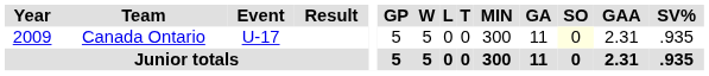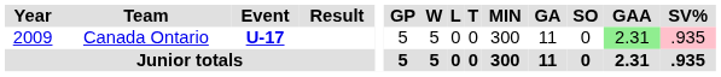 <table border="0" cellpadding="1" cellspacing="0" style="text-align:center; width:40em">
 <tr ALIGN="center" bgcolor="#e0e0e0">
 <th>Year</th>
 <th>Team</th>
 <th>Event</th>
 <th>Result</th>
 <th rowspan="99" bgcolor="#ffffff"> </th>
 <th>GP</th>
 <th>W</th>
 <th>L</th>
 <th>T</th>
 <th>MIN</th>
 <th>GA</th>
 <th>SO</th>
 <th>GAA</th>
 <th>SV%</th>
 </tr>
 <tr style="text-align:center;">
 <td><a href='#'>2009</a></td>
 <td><a href='#'>Canada Ontario</a></td>
-<td><a href='#'>U-17</a></td>
+<td><strong><a href='#'>U-17</a></strong></td>
 <td></td>
 <td>5</td>
 <td>5</td>
 <td>0</td>
 <td>0</td>
 <td>300</td>
 <td>11</td>
-<td style="background: lightyellow;">0</td>
-<td>2.31</td>
-<td>.935</td>
+<td>0</td>
+<td style="background: lightgreen;">2.31</td>
+<td style="background: pink;">.935</td>
 </tr>
 <tr ALIGN="center" bgcolor="#e0e0e0">
 <th colspan=4>Junior totals</th>
 <th>5</th>
 <th>5</th>
 <th>0</th>
 <th>0</th>
 <th>300</th>
 <th>11</th>
 <th>0</th>
 <th>2.31</th>
 <th>.935</th>
 </tr>
 </table>
